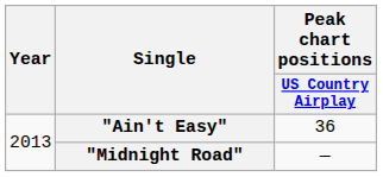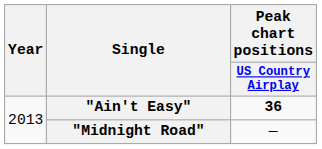 <table class="wikitable plainrowheaders" style="text-align:center;">
 <tr>
 <th rowspan="2">Year</th>
 <th rowspan="2" style="width:12em;">Single</th>
 <th colspan="1">Peak chart<br>positions</th>
 </tr>
 <tr style="font-size:smaller;">
 <th style="width:45px;"><a href='#'>US Country Airplay</a></th>
 </tr>
 <tr>
 <td rowspan="2">2013</td>
 <th scope="row">"Ain't Easy"</th>
-<td>36</td>
+<td><strong>36</strong></td>
 </tr>
 <tr>
 <th scope="row">"Midnight Road"</th>
 <td>—</td>
 </tr>
 </table>
